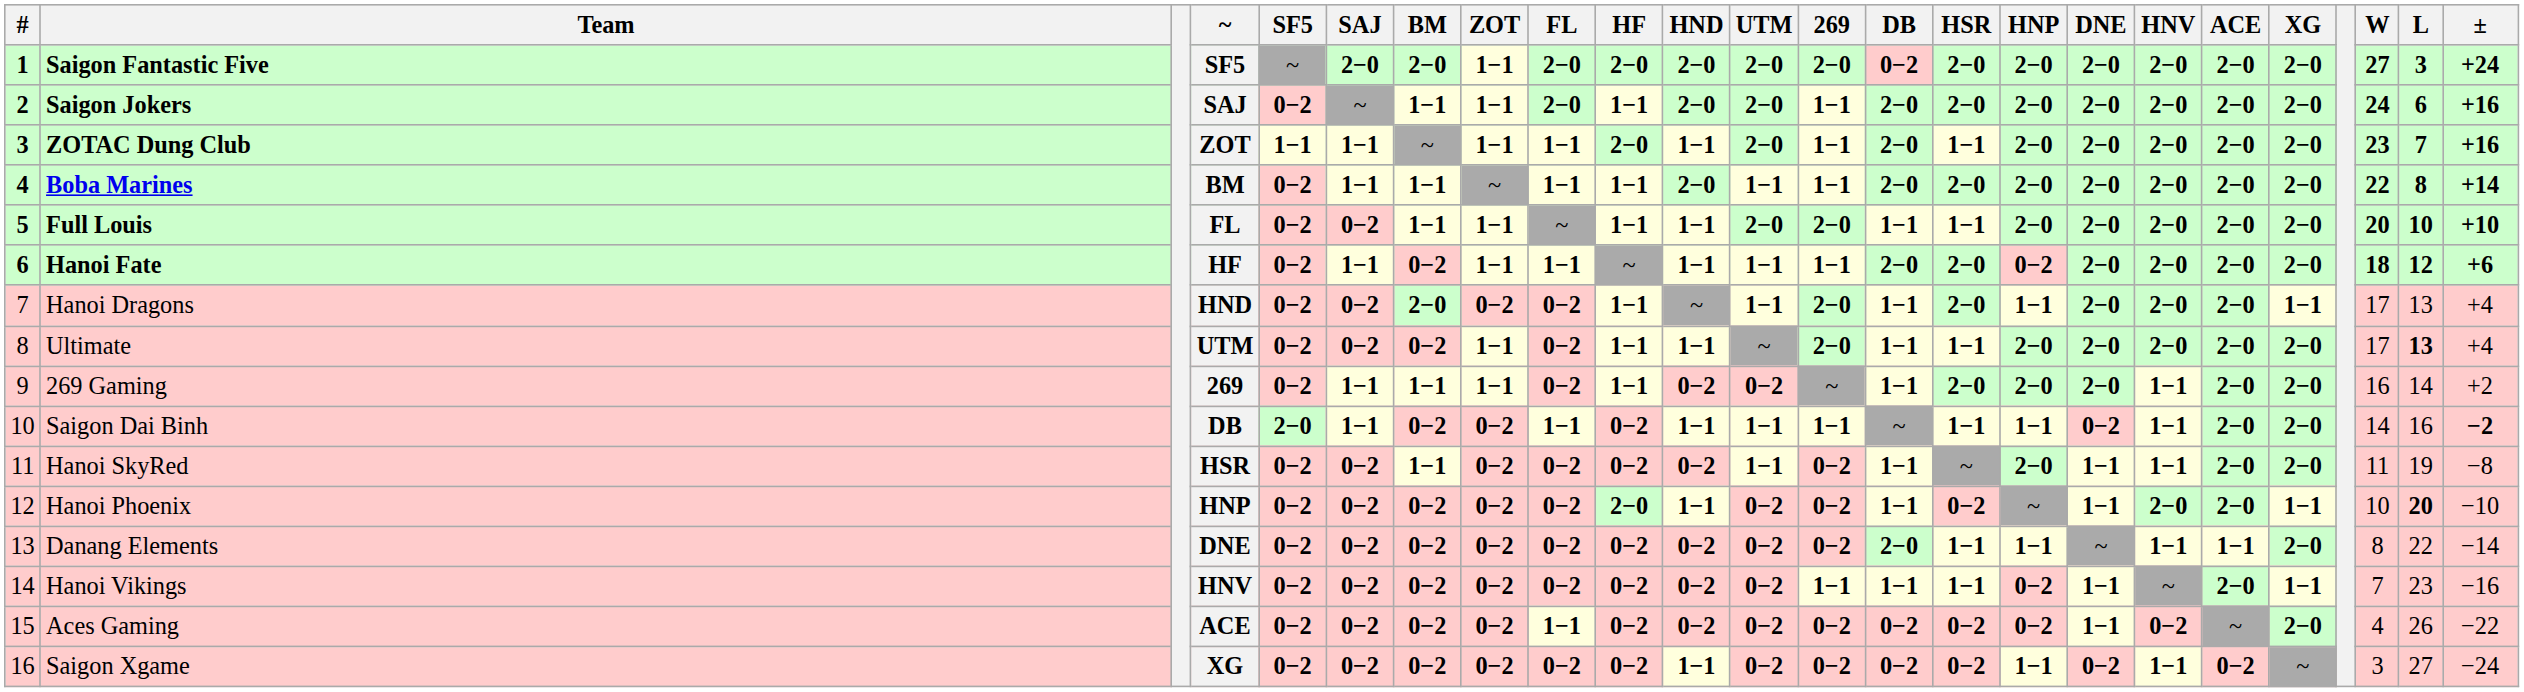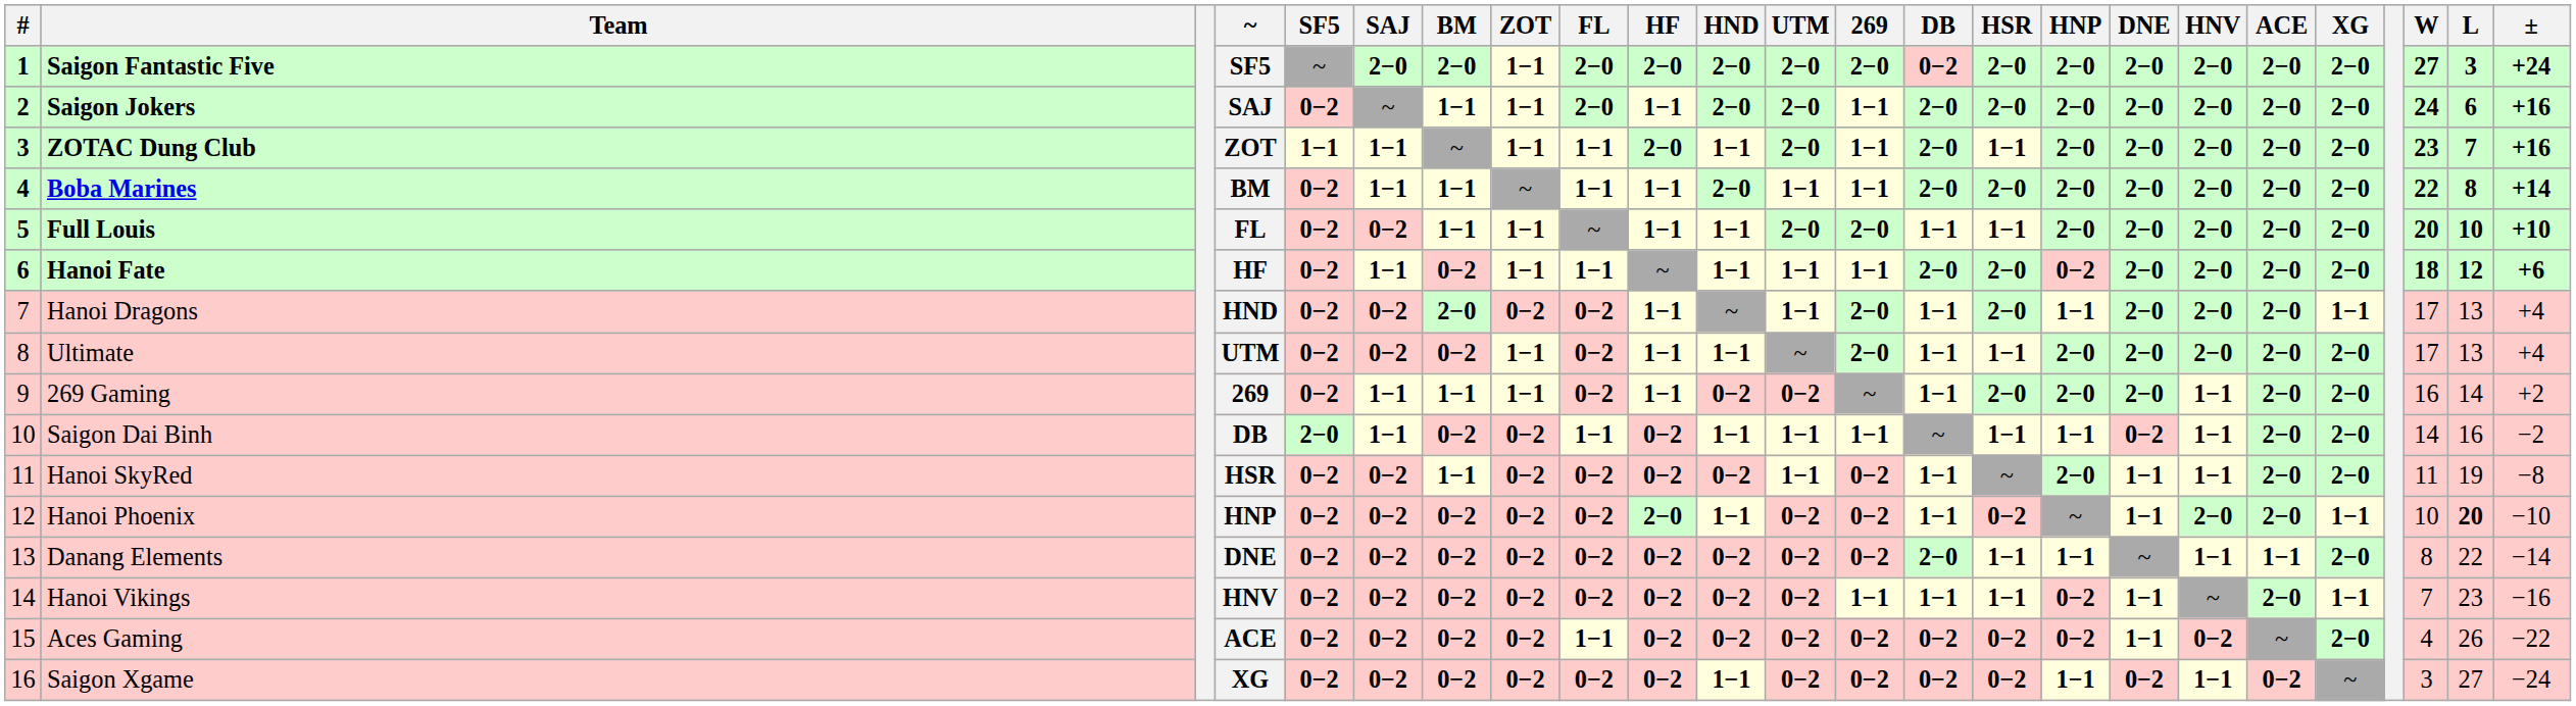 <table class="wikitable" style="font-size: 95%; text-align: center">
 <tr>
 <th style="width:15px;">#</th>
 <th style="width:700px;">Team</th>
 <th rowspan="17" style="width:5px;;"></th>
 <th>~</th>
 <th style="width:35px;" title="">SF5</th>
 <th style="width:35px;" title="">SAJ</th>
 <th style="width:35px;" title="">BM</th>
 <th style="width:35px;" title="">ZOT</th>
 <th style="width:35px;" title="">FL</th>
 <th style="width:35px;" title="">HF</th>
 <th style="width:35px;" title="">HND</th>
 <th style="width:35px;" title="">UTM</th>
 <th style="width:35px;" title="">269</th>
 <th style="width:35px;" title="">DB</th>
 <th style="width:35px;" title="">HSR</th>
 <th style="width:35px;" title="">HNP</th>
 <th style="width:35px;" title="">DNE</th>
 <th style="width:35px;" title="">HNV</th>
 <th style="width:35px;" title="">ACE</th>
 <th style="width:35px;" title="">XG</th>
 <th rowspan="17" style="width:5px;;"></th>
 <th style="width:20px;" title="Wins">W</th>
 <th style="width:20px;" title="Losses">L</th>
 <th style="width:40px;">±</th>
 </tr>
 <tr style="background:#cfc;">
 <td><strong>1</strong></td>
 <td style="text-align: left"><strong>Saigon Fantastic Five</strong></td>
 <th>SF5</th>
 <td style="background:#aaa;">~</td>
 <td style="background:#cfc;"><strong>2−0</strong></td>
 <td style="background:#cfc;"><strong>2−0</strong></td>
 <td style="background:#ffd;"><strong>1−1</strong></td>
 <td style="background:#cfc;"><strong>2−0</strong></td>
 <td style="background:#cfc;"><strong>2−0</strong></td>
 <td style="background:#cfc;"><strong>2−0</strong></td>
 <td style="background:#cfc;"><strong>2−0</strong></td>
 <td style="background:#cfc;"><strong>2−0</strong></td>
 <td style="background:#fcc;"><strong>0−2</strong></td>
 <td style="background:#cfc;"><strong>2−0</strong></td>
 <td style="background:#cfc;"><strong>2−0</strong></td>
 <td style="background:#cfc;"><strong>2−0</strong></td>
 <td style="background:#cfc;"><strong>2−0</strong></td>
 <td style="background:#cfc;"><strong>2−0</strong></td>
 <td style="background:#cfc;"><strong>2−0</strong></td>
 <td><strong>27</strong></td>
 <td><strong>3</strong></td>
 <td><strong>+24</strong></td>
 </tr>
 <tr style="background:#cfc;">
 <td><strong>2</strong></td>
 <td style="text-align: left"><strong>Saigon Jokers</strong></td>
 <th>SAJ</th>
 <td style="background:#fcc;"><strong>0−2</strong></td>
 <td style="background:#aaa;">~</td>
 <td style="background:#ffd;"><strong>1−1</strong></td>
 <td style="background:#ffd;"><strong>1−1</strong></td>
 <td style="background:#cfc;"><strong>2−0</strong></td>
 <td style="background:#ffd;"><strong>1−1</strong></td>
 <td style="background:#cfc;"><strong>2−0</strong></td>
 <td style="background:#cfc;"><strong>2−0</strong></td>
 <td style="background:#ffd;"><strong>1−1</strong></td>
 <td style="background:#cfc;"><strong>2−0</strong></td>
 <td style="background:#cfc;"><strong>2−0</strong></td>
 <td style="background:#cfc;"><strong>2−0</strong></td>
 <td style="background:#cfc;"><strong>2−0</strong></td>
 <td style="background:#cfc;"><strong>2−0</strong></td>
 <td style="background:#cfc;"><strong>2−0</strong></td>
 <td style="background:#cfc;"><strong>2−0</strong></td>
 <td><strong>24</strong></td>
 <td><strong>6</strong></td>
 <td><strong>+16</strong></td>
 </tr>
 <tr style="background:#cfc;">
 <td><strong>3</strong></td>
 <td style="text-align: left"><strong>ZOTAC Dung Club</strong></td>
 <th>ZOT</th>
 <td style="background:#ffd;"><strong>1−1</strong></td>
 <td style="background:#ffd;"><strong>1−1</strong></td>
 <td style="background:#aaa;">~</td>
 <td style="background:#ffd;"><strong>1−1</strong></td>
 <td style="background:#ffd;"><strong>1−1</strong></td>
 <td style="background:#cfc;"><strong>2−0</strong></td>
 <td style="background:#ffd;"><strong>1−1</strong></td>
 <td style="background:#cfc;"><strong>2−0</strong></td>
 <td style="background:#ffd;"><strong>1−1</strong></td>
 <td style="background:#cfc;"><strong>2−0</strong></td>
 <td style="background:#ffd;"><strong>1−1</strong></td>
 <td style="background:#cfc;"><strong>2−0</strong></td>
 <td style="background:#cfc;"><strong>2−0</strong></td>
 <td style="background:#cfc;"><strong>2−0</strong></td>
 <td style="background:#cfc;"><strong>2−0</strong></td>
 <td style="background:#cfc;"><strong>2−0</strong></td>
 <td><strong>23</strong></td>
 <td><strong>7</strong></td>
 <td><strong>+16</strong></td>
 </tr>
 <tr style="background:#cfc;">
 <td><strong>4</strong></td>
 <td style="text-align: left"><strong><a href='#'>Boba Marines</a></strong></td>
 <th>BM</th>
 <td style="background:#fcc;"><strong>0−2</strong></td>
 <td style="background:#ffd;"><strong>1−1</strong></td>
 <td style="background:#ffd;"><strong>1−1</strong></td>
 <td style="background:#aaa;">~</td>
 <td style="background:#ffd;"><strong>1−1</strong></td>
 <td style="background:#ffd;"><strong>1−1</strong></td>
 <td style="background:#cfc;"><strong>2−0</strong></td>
 <td style="background:#ffd;"><strong>1−1</strong></td>
 <td style="background:#ffd;"><strong>1−1</strong></td>
 <td style="background:#cfc;"><strong>2−0</strong></td>
 <td style="background:#cfc;"><strong>2−0</strong></td>
 <td style="background:#cfc;"><strong>2−0</strong></td>
 <td style="background:#cfc;"><strong>2−0</strong></td>
 <td style="background:#cfc;"><strong>2−0</strong></td>
 <td style="background:#cfc;"><strong>2−0</strong></td>
 <td style="background:#cfc;"><strong>2−0</strong></td>
 <td><strong>22</strong></td>
 <td><strong>8</strong></td>
 <td><strong>+14</strong></td>
 </tr>
 <tr style="background:#cfc;">
 <td><strong>5</strong></td>
 <td style="text-align: left"><strong>Full Louis</strong></td>
 <th>FL</th>
 <td style="background:#fcc;"><strong>0−2</strong></td>
 <td style="background:#fcc;"><strong>0−2</strong></td>
 <td style="background:#ffd;"><strong>1−1</strong></td>
 <td style="background:#ffd;"><strong>1−1</strong></td>
 <td style="background:#aaa;">~</td>
 <td style="background:#ffd;"><strong>1−1</strong></td>
 <td style="background:#ffd;"><strong>1−1</strong></td>
 <td style="background:#cfc;"><strong>2−0</strong></td>
 <td style="background:#cfc;"><strong>2−0</strong></td>
 <td style="background:#ffd;"><strong>1−1</strong></td>
 <td style="background:#ffd;"><strong>1−1</strong></td>
 <td style="background:#cfc;"><strong>2−0</strong></td>
 <td style="background:#cfc;"><strong>2−0</strong></td>
 <td style="background:#cfc;"><strong>2−0</strong></td>
 <td style="background:#cfc;"><strong>2−0</strong></td>
 <td style="background:#cfc;"><strong>2−0</strong></td>
 <td><strong>20</strong></td>
 <td><strong>10</strong></td>
 <td><strong>+10</strong></td>
 </tr>
 <tr style="background:#cfc;">
 <td><strong>6</strong></td>
 <td style="text-align: left"><strong>Hanoi Fate</strong></td>
 <th>HF</th>
 <td style="background:#fcc;"><strong>0−2</strong></td>
 <td style="background:#ffd;"><strong>1−1</strong></td>
 <td style="background:#fcc;"><strong>0−2</strong></td>
 <td style="background:#ffd;"><strong>1−1</strong></td>
 <td style="background:#ffd;"><strong>1−1</strong></td>
 <td style="background:#aaa;">~</td>
 <td style="background:#ffd;"><strong>1−1</strong></td>
 <td style="background:#ffd;"><strong>1−1</strong></td>
 <td style="background:#ffd;"><strong>1−1</strong></td>
 <td style="background:#cfc;"><strong>2−0</strong></td>
 <td style="background:#cfc;"><strong>2−0</strong></td>
 <td style="background:#fcc;"><strong>0−2</strong></td>
 <td style="background:#cfc;"><strong>2−0</strong></td>
 <td style="background:#cfc;"><strong>2−0</strong></td>
 <td style="background:#cfc;"><strong>2−0</strong></td>
 <td style="background:#cfc;"><strong>2−0</strong></td>
 <td><strong>18</strong></td>
 <td><strong>12</strong></td>
 <td><strong>+6</strong></td>
 </tr>
 <tr style="background:#fcc;">
 <td>7</td>
 <td style="text-align: left">⁠Hanoi Dragons</td>
 <th>HND</th>
 <td style="background:#fcc;"><strong>0−2</strong></td>
 <td style="background:#fcc;"><strong>0−2</strong></td>
 <td style="background:#cfc;"><strong>2−0</strong></td>
 <td style="background:#fcc;"><strong>0−2</strong></td>
 <td style="background:#fcc;"><strong>0−2</strong></td>
 <td style="background:#ffd;"><strong>1−1</strong></td>
 <td style="background:#aaa;">~</td>
 <td style="background:#ffd;"><strong>1−1</strong></td>
 <td style="background:#cfc;"><strong>2−0</strong></td>
 <td style="background:#ffd;"><strong>1−1</strong></td>
 <td style="background:#cfc;"><strong>2−0</strong></td>
 <td style="background:#ffd;"><strong>1−1</strong></td>
 <td style="background:#cfc;"><strong>2−0</strong></td>
 <td style="background:#cfc;"><strong>2−0</strong></td>
 <td style="background:#cfc;"><strong>2−0</strong></td>
 <td style="background:#ffd;"><strong>1−1</strong></td>
 <td>17</td>
 <td>13</td>
 <td>+4</td>
 </tr>
 <tr style="background:#fcc;">
 <td>8</td>
 <td style="text-align: left">Ultimate</td>
 <th>UTM</th>
 <td style="background:#fcc;"><strong>0−2</strong></td>
 <td style="background:#fcc;"><strong>0−2</strong></td>
 <td style="background:#fcc;"><strong>0−2</strong></td>
 <td style="background:#ffd;"><strong>1−1</strong></td>
 <td style="background:#fcc;"><strong>0−2</strong></td>
 <td style="background:#ffd;"><strong>1−1</strong></td>
 <td style="background:#ffd;"><strong>1−1</strong></td>
 <td style="background:#aaa;">~</td>
 <td style="background:#cfc;"><strong>2−0</strong></td>
 <td style="background:#ffd;"><strong>1−1</strong></td>
 <td style="background:#ffd;"><strong>1−1</strong></td>
 <td style="background:#cfc;"><strong>2−0</strong></td>
 <td style="background:#cfc;"><strong>2−0</strong></td>
 <td style="background:#cfc;"><strong>2−0</strong></td>
 <td style="background:#cfc;"><strong>2−0</strong></td>
 <td style="background:#cfc;"><strong>2−0</strong></td>
 <td>17</td>
-<td><strong>13</strong></td>
+<td>13</td>
 <td>+4</td>
 </tr>
 <tr style="background:#fcc;">
 <td>9</td>
 <td style="text-align: left">⁠269 Gaming</td>
 <th>269</th>
 <td style="background:#fcc;"><strong>0−2</strong></td>
 <td style="background:#ffd;"><strong>1−1</strong></td>
 <td style="background:#ffd;"><strong>1−1</strong></td>
 <td style="background:#ffd;"><strong>1−1</strong></td>
 <td style="background:#fcc;"><strong>0−2</strong></td>
 <td style="background:#ffd;"><strong>1−1</strong></td>
 <td style="background:#fcc;"><strong>0−2</strong></td>
 <td style="background:#fcc;"><strong>0−2</strong></td>
 <td style="background:#aaa;">~</td>
 <td style="background:#ffd;"><strong>1−1</strong></td>
 <td style="background:#cfc;"><strong>2−0</strong></td>
 <td style="background:#cfc;"><strong>2−0</strong></td>
 <td style="background:#cfc;"><strong>2−0</strong></td>
 <td style="background:#ffd;"><strong>1−1</strong></td>
 <td style="background:#cfc;"><strong>2−0</strong></td>
 <td style="background:#cfc;"><strong>2−0</strong></td>
 <td>16</td>
 <td>14</td>
 <td>+2</td>
 </tr>
 <tr style="background:#fcc;">
 <td>10</td>
 <td style="text-align: left">Saigon Dai Binh</td>
 <th>DB</th>
 <td style="background:#cfc;"><strong>2−0</strong></td>
 <td style="background:#ffd;"><strong>1−1</strong></td>
 <td style="background:#fcc;"><strong>0−2</strong></td>
 <td style="background:#fcc;"><strong>0−2</strong></td>
 <td style="background:#ffd;"><strong>1−1</strong></td>
 <td style="background:#fcc;"><strong>0−2</strong></td>
 <td style="background:#ffd;"><strong>1−1</strong></td>
 <td style="background:#ffd;"><strong>1−1</strong></td>
 <td style="background:#ffd;"><strong>1−1</strong></td>
 <td style="background:#aaa;">~</td>
 <td style="background:#ffd;"><strong>1−1</strong></td>
 <td style="background:#ffd;"><strong>1−1</strong></td>
 <td style="background:#fcc;"><strong>0−2</strong></td>
 <td style="background:#ffd;"><strong>1−1</strong></td>
 <td style="background:#cfc;"><strong>2−0</strong></td>
 <td style="background:#cfc;"><strong>2−0</strong></td>
 <td>14</td>
 <td>16</td>
-<td><strong>−2</strong></td>
+<td>−2</td>
 </tr>
 <tr style="background:#fcc;">
 <td>11</td>
 <td style="text-align: left">Hanoi ⁠SkyRed</td>
 <th>HSR</th>
 <td style="background:#fcc;"><strong>0−2</strong></td>
 <td style="background:#fcc;"><strong>0−2</strong></td>
 <td style="background:#ffd;"><strong>1−1</strong></td>
 <td style="background:#fcc;"><strong>0−2</strong></td>
 <td style="background:#fcc;"><strong>0−2</strong></td>
 <td style="background:#fcc;"><strong>0−2</strong></td>
 <td style="background:#fcc;"><strong>0−2</strong></td>
 <td style="background:#ffd;"><strong>1−1</strong></td>
 <td style="background:#fcc;"><strong>0−2</strong></td>
 <td style="background:#ffd;"><strong>1−1</strong></td>
 <td style="background:#aaa;">~</td>
 <td style="background:#cfc;"><strong>2−0</strong></td>
 <td style="background:#ffd;"><strong>1−1</strong></td>
 <td style="background:#ffd;"><strong>1−1</strong></td>
 <td style="background:#cfc;"><strong>2−0</strong></td>
 <td style="background:#cfc;"><strong>2−0</strong></td>
 <td>11</td>
 <td>19</td>
 <td>−8</td>
 </tr>
 <tr style="background:#fcc;">
 <td>12</td>
 <td style="text-align: left">Hanoi Phoenix</td>
 <th>HNP</th>
 <td style="background:#fcc;"><strong>0−2</strong></td>
 <td style="background:#fcc;"><strong>0−2</strong></td>
 <td style="background:#fcc;"><strong>0−2</strong></td>
 <td style="background:#fcc;"><strong>0−2</strong></td>
 <td style="background:#fcc;"><strong>0−2</strong></td>
 <td style="background:#cfc;"><strong>2−0</strong></td>
 <td style="background:#ffd;"><strong>1−1</strong></td>
 <td style="background:#fcc;"><strong>0−2</strong></td>
 <td style="background:#fcc;"><strong>0−2</strong></td>
 <td style="background:#ffd;"><strong>1−1</strong></td>
 <td style="background:#fcc;"><strong>0−2</strong></td>
 <td style="background:#aaa;">~</td>
 <td style="background:#ffd;"><strong>1−1</strong></td>
 <td style="background:#cfc;"><strong>2−0</strong></td>
 <td style="background:#cfc;"><strong>2−0</strong></td>
 <td style="background:#ffd;"><strong>1−1</strong></td>
 <td>10</td>
 <td><strong>20</strong></td>
 <td>−10</td>
 </tr>
 <tr style="background:#fcc;">
 <td>13</td>
 <td style="text-align: left">Danang Elements</td>
 <th>DNE</th>
 <td style="background:#fcc;"><strong>0−2</strong></td>
 <td style="background:#fcc;"><strong>0−2</strong></td>
 <td style="background:#fcc;"><strong>0−2</strong></td>
 <td style="background:#fcc;"><strong>0−2</strong></td>
 <td style="background:#fcc;"><strong>0−2</strong></td>
 <td style="background:#fcc;"><strong>0−2</strong></td>
 <td style="background:#fcc;"><strong>0−2</strong></td>
 <td style="background:#fcc;"><strong>0−2</strong></td>
 <td style="background:#fcc;"><strong>0−2</strong></td>
 <td style="background:#cfc;"><strong>2−0</strong></td>
 <td style="background:#ffd;"><strong>1−1</strong></td>
 <td style="background:#ffd;"><strong>1−1</strong></td>
 <td style="background:#aaa;">~</td>
 <td style="background:#ffd;"><strong>1−1</strong></td>
 <td style="background:#ffd;"><strong>1−1</strong></td>
 <td style="background:#cfc;"><strong>2−0</strong></td>
 <td>8</td>
 <td>22</td>
 <td>−14</td>
 </tr>
 <tr style="background:#fcc;">
 <td>14</td>
 <td style="text-align: left">Hanoi Vikings</td>
 <th>HNV</th>
 <td style="background:#fcc;"><strong>0−2</strong></td>
 <td style="background:#fcc;"><strong>0−2</strong></td>
 <td style="background:#fcc;"><strong>0−2</strong></td>
 <td style="background:#fcc;"><strong>0−2</strong></td>
 <td style="background:#fcc;"><strong>0−2</strong></td>
 <td style="background:#fcc;"><strong>0−2</strong></td>
 <td style="background:#fcc;"><strong>0−2</strong></td>
 <td style="background:#fcc;"><strong>0−2</strong></td>
 <td style="background:#ffd;"><strong>1−1</strong></td>
 <td style="background:#ffd;"><strong>1−1</strong></td>
 <td style="background:#ffd;"><strong>1−1</strong></td>
 <td style="background:#fcc;"><strong>0−2</strong></td>
 <td style="background:#ffd;"><strong>1−1</strong></td>
 <td style="background:#aaa;">~</td>
 <td style="background:#cfc;"><strong>2−0</strong></td>
 <td style="background:#ffd;"><strong>1−1</strong></td>
 <td>7</td>
 <td>23</td>
 <td>−16</td>
 </tr>
 <tr style="background:#fcc;">
 <td>15</td>
 <td style="text-align: left">Aces Gaming</td>
 <th>ACE</th>
 <td style="background:#fcc;"><strong>0−2</strong></td>
 <td style="background:#fcc;"><strong>0−2</strong></td>
 <td style="background:#fcc;"><strong>0−2</strong></td>
 <td style="background:#fcc;"><strong>0−2</strong></td>
 <td style="background:#ffd;"><strong>1−1</strong></td>
 <td style="background:#fcc;"><strong>0−2</strong></td>
 <td style="background:#fcc;"><strong>0−2</strong></td>
 <td style="background:#fcc;"><strong>0−2</strong></td>
 <td style="background:#fcc;"><strong>0−2</strong></td>
 <td style="background:#fcc;"><strong>0−2</strong></td>
 <td style="background:#fcc;"><strong>0−2</strong></td>
 <td style="background:#fcc;"><strong>0−2</strong></td>
 <td style="background:#ffd;"><strong>1−1</strong></td>
 <td style="background:#fcc;"><strong>0−2</strong></td>
 <td style="background:#aaa;">~</td>
 <td style="background:#cfc;"><strong>2−0</strong></td>
 <td>4</td>
 <td>26</td>
 <td>−22</td>
 </tr>
 <tr style="background:#fcc;">
 <td>16</td>
 <td style="text-align: left">Saigon Xgame</td>
 <th>XG</th>
 <td style="background:#fcc;"><strong>0−2</strong></td>
 <td style="background:#fcc;"><strong>0−2</strong></td>
 <td style="background:#fcc;"><strong>0−2</strong></td>
 <td style="background:#fcc;"><strong>0−2</strong></td>
 <td style="background:#fcc;"><strong>0−2</strong></td>
 <td style="background:#fcc;"><strong>0−2</strong></td>
 <td style="background:#ffd;"><strong>1−1</strong></td>
 <td style="background:#fcc;"><strong>0−2</strong></td>
 <td style="background:#fcc;"><strong>0−2</strong></td>
 <td style="background:#fcc;"><strong>0−2</strong></td>
 <td style="background:#fcc;"><strong>0−2</strong></td>
 <td style="background:#ffd;"><strong>1−1</strong></td>
 <td style="background:#fcc;"><strong>0−2</strong></td>
 <td style="background:#ffd;"><strong>1−1</strong></td>
 <td style="background:#fcc;"><strong>0−2</strong></td>
 <td style="background:#aaa;">~</td>
 <td>3</td>
 <td>27</td>
 <td>−24</td>
 </tr>
 </table>
